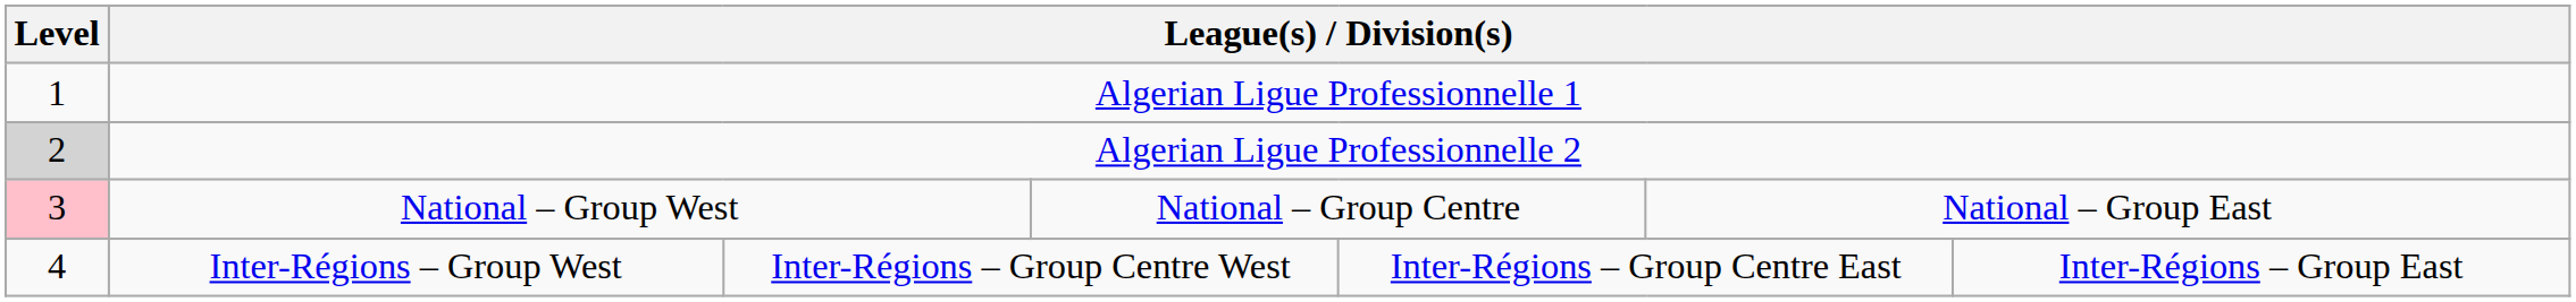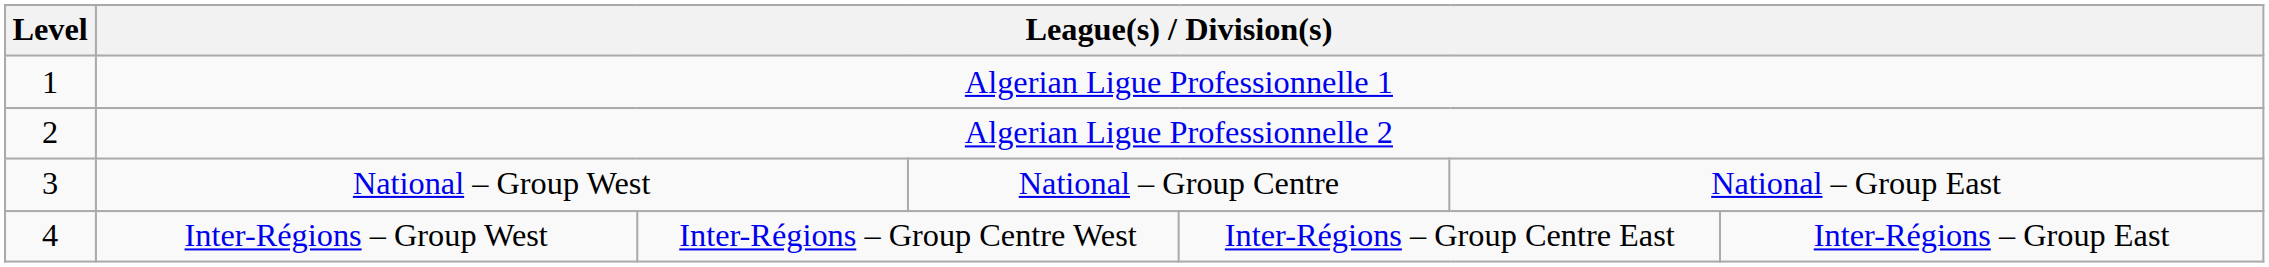 <table class="wikitable" style="text-align: center;">
 <tr>
 <th width="4%">Level</th>
 <th colspan="8" width="96%">League(s) / Division(s)</th>
 </tr>
 <tr>
 <td width="4%">1</td>
 <td colspan="8" width="96%"><a href='#'>Algerian Ligue Professionnelle 1</a><br></td>
 </tr>
 <tr>
-<td width="4%" style="background: lightgrey;">2</td>
+<td width="4%">2</td>
 <td colspan="8" width="96%"><a href='#'>Algerian Ligue Professionnelle 2</a><br></td>
 </tr>
 <tr>
-<td width="4%" style="background: pink;">3</td>
+<td width="4%">3</td>
 <td colspan="3" width="24%"><a href='#'>National</a> – Group West<br></td>
 <td colspan="2" width="24%"><a href='#'>National</a> – Group Centre<br></td>
 <td colspan="3" width="24%"><a href='#'>National</a> – Group East<br></td>
 </tr>
 <tr>
 <td width="4%">4</td>
 <td colspan="2" width="24%"><a href='#'>Inter-Régions</a> – Group West<br></td>
 <td colspan="2" width="24%"><a href='#'>Inter-Régions</a> – Group Centre West<br></td>
 <td colspan="2" width="24%"><a href='#'>Inter-Régions</a> – Group Centre East<br></td>
 <td colspan="2" width="24%"><a href='#'>Inter-Régions</a> – Group East<br></td>
 </tr>
 </table>
